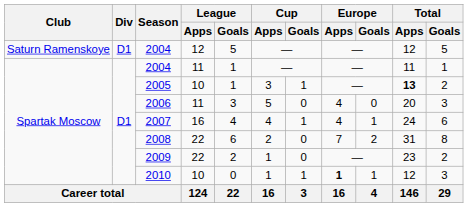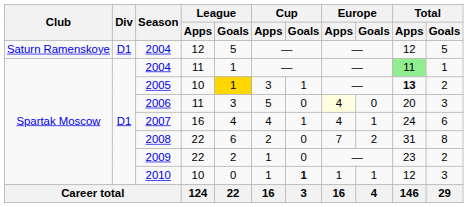 <table class="wikitable" style="text-align: center;">
 <tr>
 <th rowspan="2">Club</th>
 <th rowspan="2">Div</th>
 <th rowspan="2">Season</th>
 <th colspan="2">League</th>
 <th colspan="2">Cup</th>
 <th colspan="2">Europe</th>
 <th colspan="2">Total</th>
 </tr>
 <tr>
 <th>Apps</th>
 <th>Goals</th>
 <th>Apps</th>
 <th>Goals</th>
 <th>Apps</th>
 <th>Goals</th>
 <th>Apps</th>
 <th>Goals</th>
 </tr>
 <tr>
 <td rowspan="1" valign="center"><a href='#'>Saturn Ramenskoye</a></td>
 <td><a href='#'>D1</a></td>
 <td><a href='#'>2004</a></td>
 <td>12</td>
 <td>5</td>
 <td colspan=2>—</td>
 <td colspan=2>—</td>
 <td>12</td>
 <td>5</td>
 </tr>
 <tr>
 <td rowspan="7" valign="center"><a href='#'>Spartak Moscow</a></td>
 <td rowspan="7"><a href='#'>D1</a></td>
 <td><a href='#'>2004</a></td>
 <td>11</td>
 <td>1</td>
 <td colspan=2>—</td>
 <td colspan=2>—</td>
-<td>11</td>
+<td style="background: lightgreen;">11</td>
 <td>1</td>
 </tr>
 <tr>
 <td><a href='#'>2005</a></td>
 <td>10</td>
-<td>1</td>
+<td style="background: gold;">1</td>
 <td>3</td>
 <td>1</td>
 <td colspan=2>—</td>
 <td><strong>13</strong></td>
 <td>2</td>
 </tr>
 <tr>
 <td><a href='#'>2006</a></td>
 <td>11</td>
 <td>3</td>
 <td>5</td>
 <td>0</td>
-<td>4</td>
+<td style="background: lightyellow;">4</td>
 <td>0</td>
 <td>20</td>
 <td>3</td>
 </tr>
 <tr>
 <td><a href='#'>2007</a></td>
 <td>16</td>
 <td>4</td>
 <td>4</td>
 <td>1</td>
 <td>4</td>
 <td>1</td>
 <td>24</td>
 <td>6</td>
 </tr>
 <tr>
 <td><a href='#'>2008</a></td>
 <td>22</td>
 <td>6</td>
 <td>2</td>
 <td>0</td>
 <td>7</td>
 <td>2</td>
 <td>31</td>
 <td>8</td>
 </tr>
 <tr>
 <td><a href='#'>2009</a></td>
 <td>22</td>
 <td>2</td>
 <td>1</td>
 <td>0</td>
 <td colspan=2>—</td>
 <td>23</td>
 <td>2</td>
 </tr>
 <tr>
 <td><a href='#'>2010</a></td>
 <td>10</td>
 <td>0</td>
 <td>1</td>
+<td><strong>1</strong></td>
 <td>1</td>
-<td><strong>1</strong></td>
 <td>1</td>
 <td>12</td>
 <td>3</td>
 </tr>
 <tr>
 <th colspan="3">Career total</th>
 <th>124</th>
 <th>22</th>
 <th>16</th>
 <th>3</th>
 <th>16</th>
 <th>4</th>
 <th>146</th>
 <th>29</th>
 </tr>
 </table>
